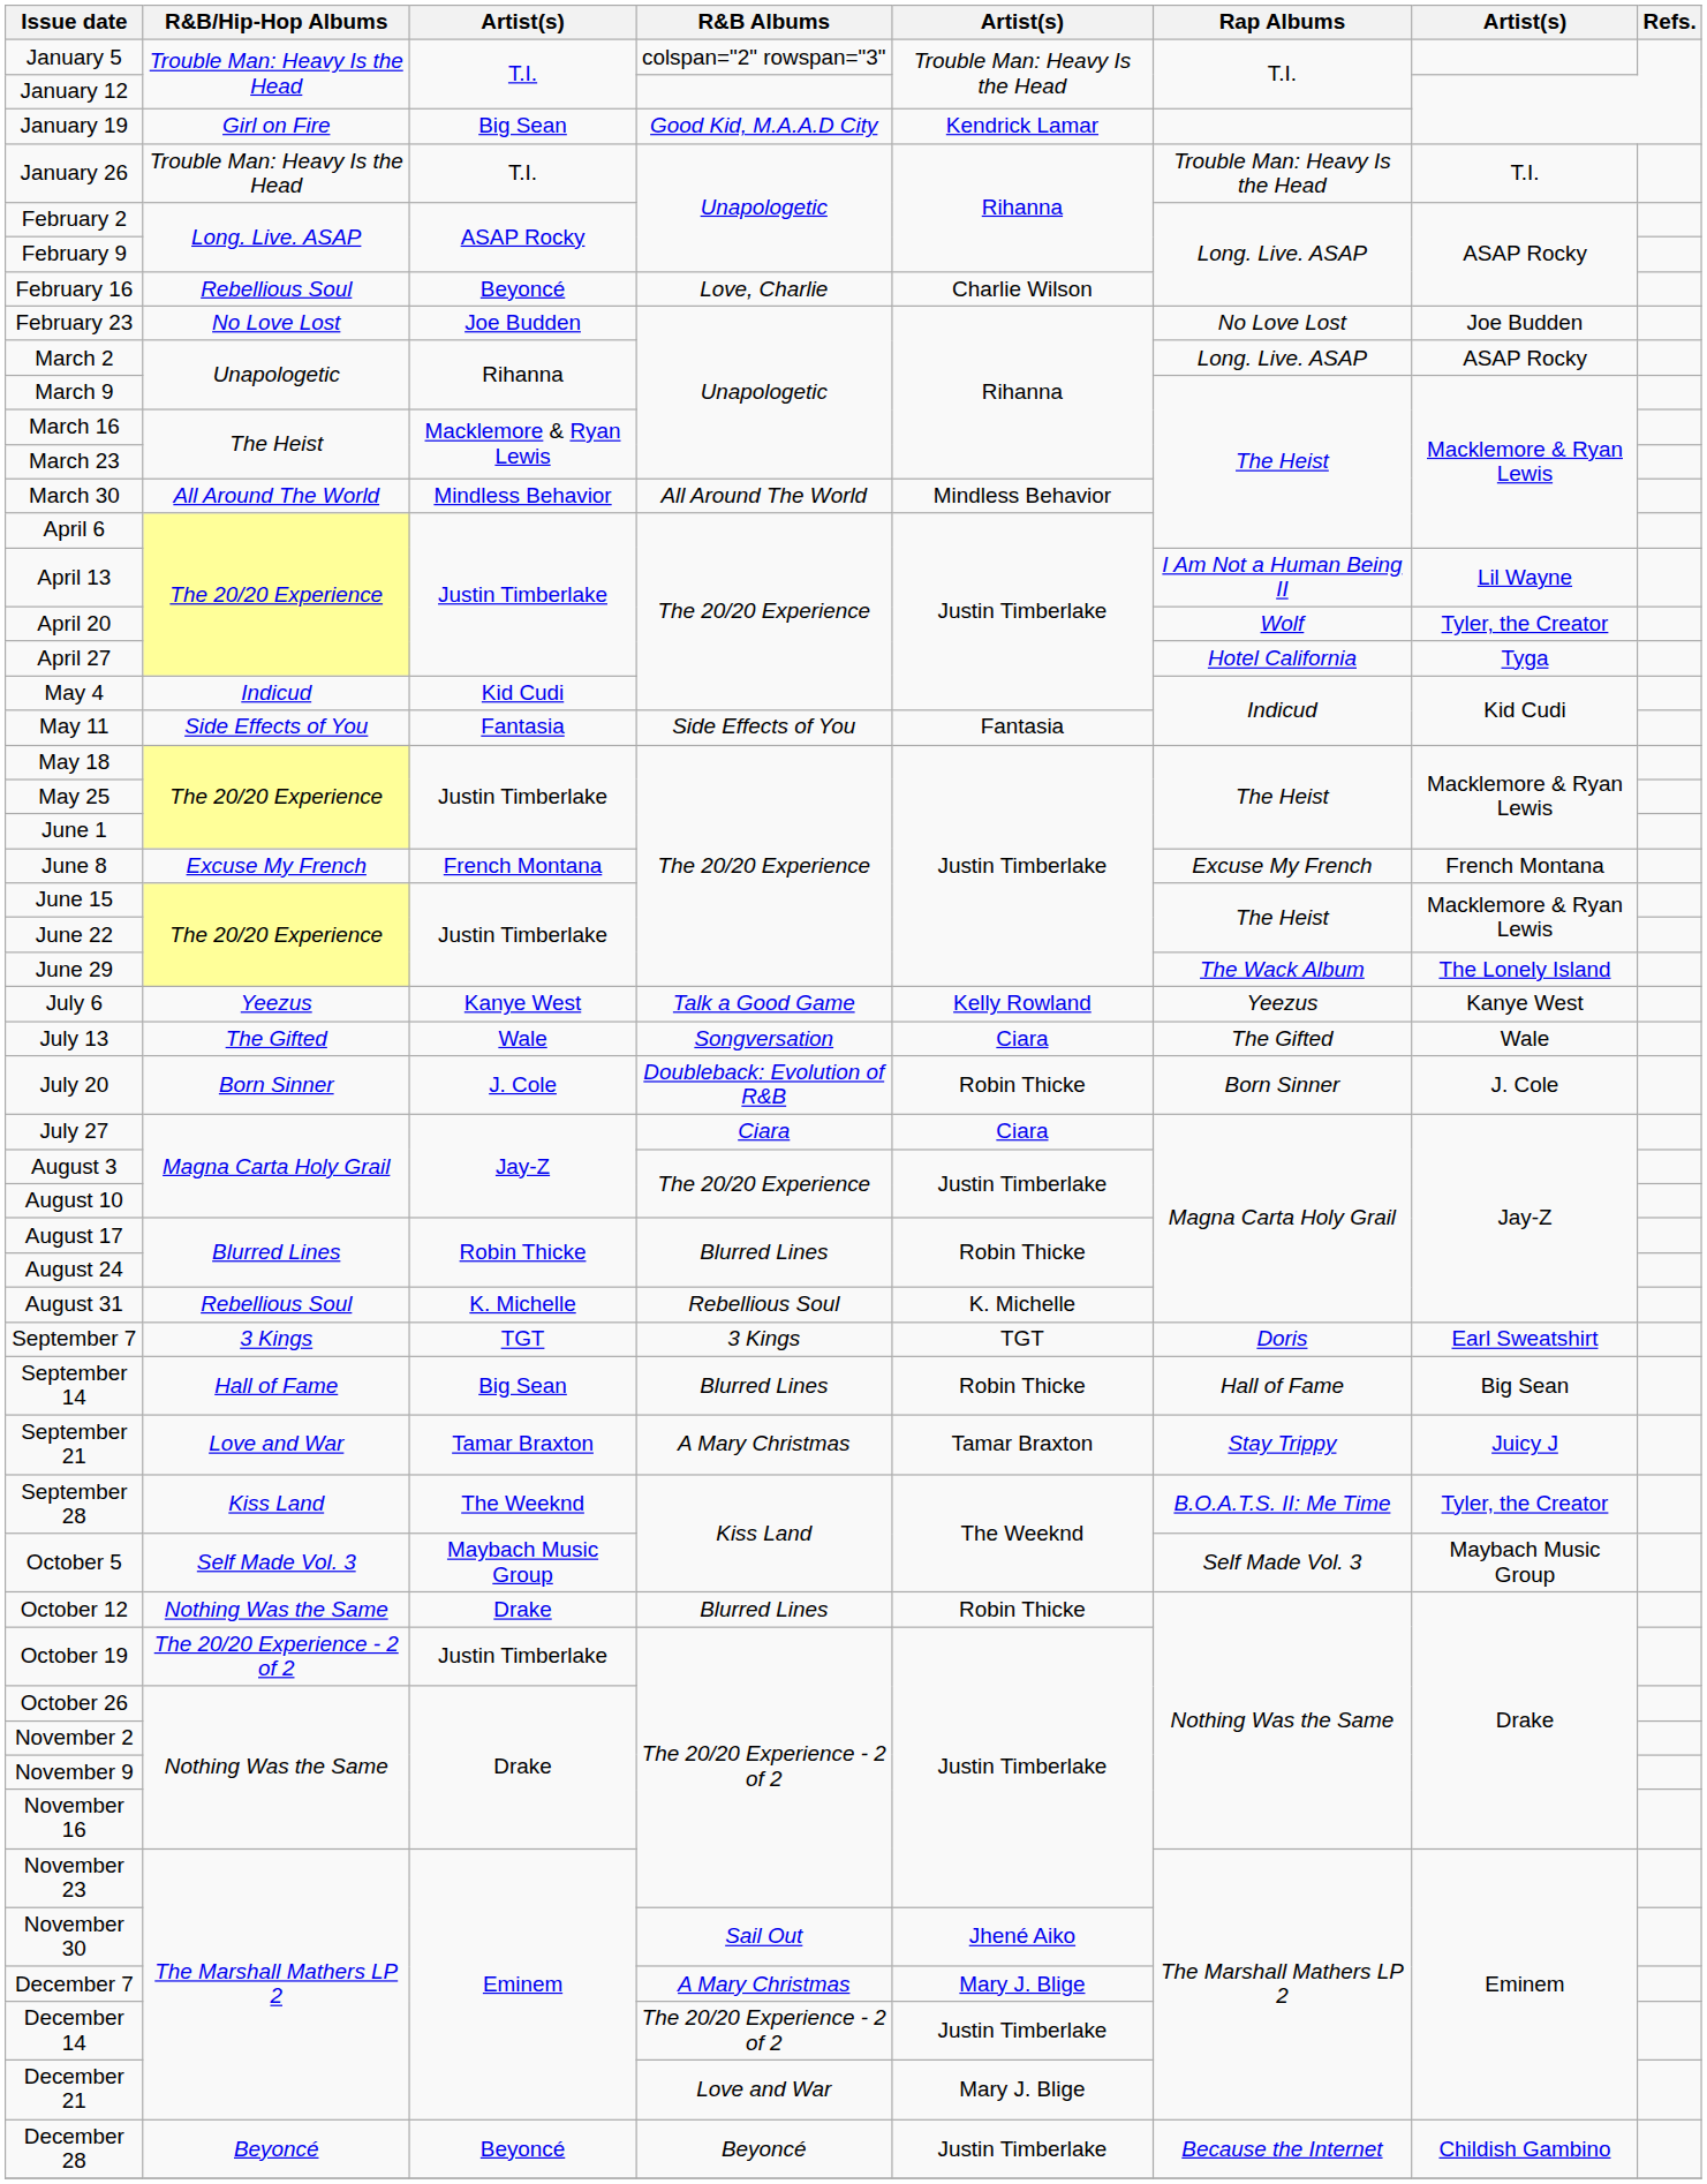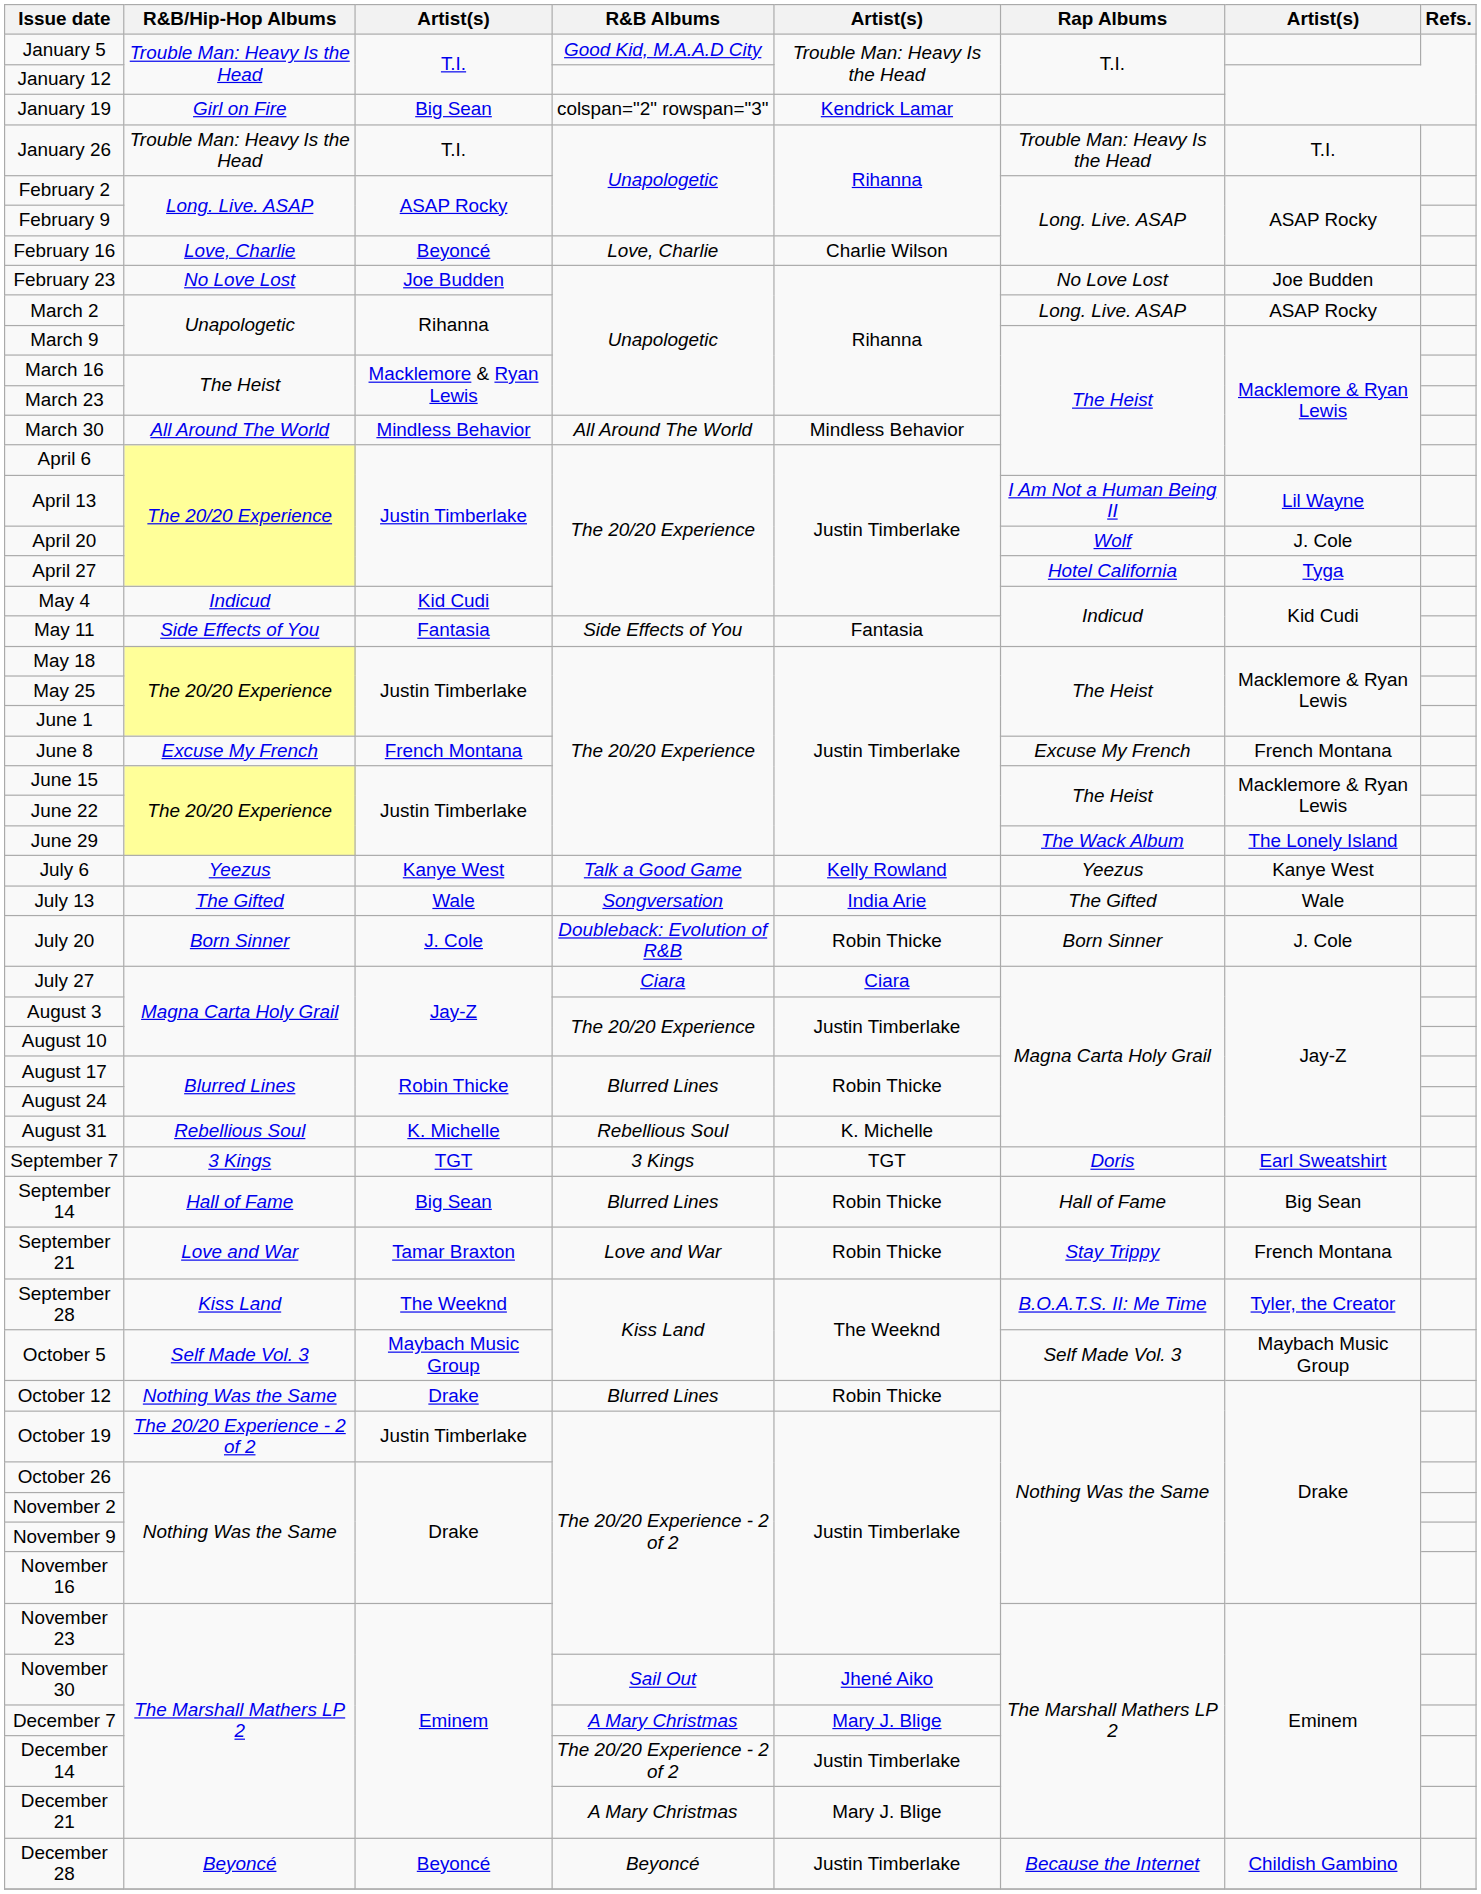 <table class="wikitable" style="text-align: center;">
 <tr>
 <th>Issue date</th>
 <th>R&B/Hip-Hop Albums</th>
 <th>Artist(s)</th>
 <th>R&B Albums</th>
 <th>Artist(s)</th>
 <th>Rap Albums</th>
 <th>Artist(s)</th>
 <th>Refs.</th>
 </tr>
 <tr>
 <td>January 5</td>
 <td rowspan="2"><em><a href='#'>Trouble Man: Heavy Is the Head</a></em></td>
 <td rowspan="2"><a href='#'>T.I.</a></td>
-<td>colspan="2" rowspan="3" </td>
+<td><em><a href='#'>Good Kid, M.A.A.D City</a></em></td>
 <td rowspan="2"><em>Trouble Man: Heavy Is the Head</em></td>
 <td rowspan="2">T.I.</td>
 <td></td>
 </tr>
 <tr>
 <td>January 12</td>
 <td></td>
 </tr>
 <tr>
 <td>January 19</td>
 <td><em><a href='#'>Girl on Fire</a></em></td>
 <td><a href='#'>Big Sean</a></td>
-<td><em><a href='#'>Good Kid, M.A.A.D City</a></em></td>
+<td>colspan="2" rowspan="3" </td>
 <td><a href='#'>Kendrick Lamar</a></td>
 <td></td>
 </tr>
 <tr>
 <td>January 26</td>
 <td><em>Trouble Man: Heavy Is the Head</em></td>
 <td>T.I.</td>
 <td rowspan="3"><em><a href='#'>Unapologetic</a></em></td>
 <td rowspan="3"><a href='#'>Rihanna</a></td>
 <td><em>Trouble Man: Heavy Is the Head</em></td>
 <td>T.I.</td>
 <td></td>
 </tr>
 <tr>
 <td>February 2</td>
 <td rowspan="2"><em><a href='#'>Long. Live. ASAP</a></em></td>
 <td rowspan="2"><a href='#'>ASAP Rocky</a></td>
 <td rowspan="3"><em>Long. Live. ASAP</em></td>
 <td rowspan="3">ASAP Rocky</td>
 <td></td>
 </tr>
 <tr>
 <td>February 9</td>
 <td></td>
 </tr>
 <tr>
 <td>February 16</td>
-<td><em><a href='#'>Rebellious Soul</a></em></td>
+<td><em><a href='#'>Love, Charlie</a></em></td>
 <td><a href='#'>Beyoncé</a></td>
 <td><em>Love, Charlie</em></td>
 <td>Charlie Wilson</td>
 <td></td>
 </tr>
 <tr>
 <td>February 23</td>
 <td><em><a href='#'>No Love Lost</a></em></td>
 <td><a href='#'>Joe Budden</a></td>
 <td rowspan="5"><em>Unapologetic</em></td>
 <td rowspan="5">Rihanna</td>
 <td><em>No Love Lost</em></td>
 <td>Joe Budden</td>
 <td></td>
 </tr>
 <tr>
 <td>March 2</td>
 <td rowspan="2"><em>Unapologetic</em></td>
 <td rowspan="2">Rihanna</td>
 <td><em>Long. Live. ASAP</em></td>
 <td>ASAP Rocky</td>
 <td></td>
 </tr>
 <tr>
 <td>March 9</td>
 <td rowspan="5"><a href='#'><em>The Heist</em></a></td>
 <td rowspan="5"><a href='#'>Macklemore & Ryan Lewis</a></td>
 <td></td>
 </tr>
 <tr>
 <td>March 16</td>
 <td rowspan="2"><em>The Heist</em></td>
 <td rowspan="2"><a href='#'>Macklemore</a> & <a href='#'>Ryan Lewis</a></td>
 <td></td>
 </tr>
 <tr>
 <td>March 23</td>
 <td></td>
 </tr>
 <tr>
 <td>March 30</td>
 <td><em><a href='#'>All Around The World</a></em></td>
 <td><a href='#'>Mindless Behavior</a></td>
 <td><em>All Around The World</em></td>
 <td>Mindless Behavior</td>
 <td></td>
 </tr>
 <tr>
 <td>April 6</td>
 <td bgcolor=#FFFF99 rowspan="4"><em><a href='#'>The 20/20 Experience</a></em> </td>
 <td rowspan="4"><a href='#'>Justin Timberlake</a></td>
 <td rowspan="5"><em>The 20/20 Experience</em></td>
 <td rowspan="5">Justin Timberlake</td>
 <td></td>
 </tr>
 <tr>
 <td>April 13</td>
 <td><em><a href='#'>I Am Not a Human Being II</a></em></td>
 <td><a href='#'>Lil Wayne</a></td>
 <td></td>
 </tr>
 <tr>
 <td>April 20</td>
 <td><a href='#'><em>Wolf</em></a></td>
-<td><a href='#'>Tyler, the Creator</a></td>
+<td>J. Cole</td>
 <td></td>
 </tr>
 <tr>
 <td>April 27</td>
 <td><a href='#'><em>Hotel California</em></a></td>
 <td><a href='#'>Tyga</a></td>
 <td></td>
 </tr>
 <tr>
 <td>May 4</td>
 <td><em><a href='#'>Indicud</a></em></td>
 <td><a href='#'>Kid Cudi</a></td>
 <td rowspan="2"><em>Indicud</em></td>
 <td rowspan="2">Kid Cudi</td>
 <td></td>
 </tr>
 <tr>
 <td>May 11</td>
 <td><em><a href='#'>Side Effects of You</a></em></td>
 <td><a href='#'>Fantasia</a></td>
 <td><em>Side Effects of You</em></td>
 <td>Fantasia</td>
 <td></td>
 </tr>
 <tr>
 <td>May 18</td>
 <td bgcolor=#FFFF99 rowspan="3"><em>The 20/20 Experience</em> </td>
 <td rowspan="3">Justin Timberlake</td>
 <td rowspan="7"><em>The 20/20 Experience</em></td>
 <td rowspan="7">Justin Timberlake</td>
 <td rowspan="3"><em>The Heist</em></td>
 <td rowspan="3">Macklemore & Ryan Lewis</td>
 <td></td>
 </tr>
 <tr>
 <td>May 25</td>
 <td></td>
 </tr>
 <tr>
 <td>June 1</td>
 <td></td>
 </tr>
 <tr>
 <td>June 8</td>
 <td><em><a href='#'>Excuse My French</a></em></td>
 <td><a href='#'>French Montana</a></td>
 <td><em>Excuse My French</em></td>
 <td>French Montana</td>
 <td></td>
 </tr>
 <tr>
 <td>June 15</td>
 <td bgcolor=#FFFF99 rowspan="3"><em>The 20/20 Experience</em> </td>
 <td rowspan="3">Justin Timberlake</td>
 <td rowspan="2"><em>The Heist</em></td>
 <td rowspan="2">Macklemore & Ryan Lewis</td>
 <td></td>
 </tr>
 <tr>
 <td>June 22</td>
 <td></td>
 </tr>
 <tr>
 <td>June 29</td>
 <td><em><a href='#'>The Wack Album</a></em></td>
 <td><a href='#'>The Lonely Island</a></td>
 <td></td>
 </tr>
 <tr>
 <td>July 6</td>
 <td><em><a href='#'>Yeezus</a></em></td>
 <td><a href='#'>Kanye West</a></td>
 <td><em><a href='#'>Talk a Good Game</a></em></td>
 <td><a href='#'>Kelly Rowland</a></td>
 <td><em>Yeezus</em></td>
 <td>Kanye West</td>
 <td></td>
 </tr>
 <tr>
 <td>July 13</td>
 <td><em><a href='#'>The Gifted</a></em></td>
 <td><a href='#'>Wale</a></td>
 <td><em><a href='#'>Songversation</a></em></td>
-<td><a href='#'>Ciara</a></td>
+<td><a href='#'>India Arie</a></td>
 <td><em>The Gifted</em></td>
 <td>Wale</td>
 <td></td>
 </tr>
 <tr>
 <td>July 20</td>
 <td><em><a href='#'>Born Sinner</a></em></td>
 <td><a href='#'>J. Cole</a></td>
 <td><em><a href='#'>Doubleback: Evolution of R&B</a></em></td>
 <td>Robin Thicke</td>
 <td><em>Born Sinner</em></td>
 <td>J. Cole</td>
 <td></td>
 </tr>
 <tr>
 <td>July 27</td>
 <td rowspan="3"><em><a href='#'>Magna Carta Holy Grail</a></em></td>
 <td rowspan="3"><a href='#'>Jay-Z</a></td>
 <td><a href='#'><em>Ciara</em></a></td>
 <td><a href='#'>Ciara</a></td>
 <td rowspan="6"><em>Magna Carta Holy Grail</em></td>
 <td rowspan="6">Jay-Z</td>
 <td></td>
 </tr>
 <tr>
 <td>August 3</td>
 <td rowspan="2"><em>The 20/20 Experience</em></td>
 <td rowspan="2">Justin Timberlake</td>
 <td></td>
 </tr>
 <tr>
 <td>August 10</td>
 <td></td>
 </tr>
 <tr>
 <td>August 17</td>
 <td rowspan="2"><em><a href='#'>Blurred Lines</a></em></td>
 <td rowspan="2"><a href='#'>Robin Thicke</a></td>
 <td rowspan="2"><em>Blurred Lines</em></td>
 <td rowspan="2">Robin Thicke</td>
 <td></td>
 </tr>
 <tr>
 <td>August 24</td>
 <td></td>
 </tr>
 <tr>
 <td>August 31</td>
 <td><em><a href='#'>Rebellious Soul</a></em></td>
 <td><a href='#'>K. Michelle</a></td>
 <td><em>Rebellious Soul</em></td>
 <td>K. Michelle</td>
 <td></td>
 </tr>
 <tr>
 <td>September 7</td>
 <td><em><a href='#'>3 Kings</a></em></td>
 <td><a href='#'>TGT</a></td>
 <td><em>3 Kings</em></td>
 <td>TGT</td>
 <td><a href='#'><em>Doris</em></a></td>
 <td><a href='#'>Earl Sweatshirt</a></td>
 <td></td>
 </tr>
 <tr>
 <td>September 14</td>
 <td><em><a href='#'>Hall of Fame</a></em></td>
 <td><a href='#'>Big Sean</a></td>
 <td><em>Blurred Lines</em></td>
 <td>Robin Thicke</td>
 <td><em>Hall of Fame</em></td>
 <td>Big Sean</td>
 <td></td>
 </tr>
 <tr>
 <td>September 21</td>
 <td><em><a href='#'>Love and War</a></em></td>
 <td><a href='#'>Tamar Braxton</a></td>
-<td><em>A Mary Christmas</em></td>
-<td>Tamar Braxton</td>
+<td><em>Love and War</em></td>
+<td>Robin Thicke</td>
 <td><em><a href='#'>Stay Trippy</a></em></td>
-<td><a href='#'>Juicy J</a></td>
+<td>French Montana</td>
 <td></td>
 </tr>
 <tr>
 <td>September 28</td>
 <td><em><a href='#'>Kiss Land</a></em></td>
 <td><a href='#'>The Weeknd</a></td>
 <td rowspan="2"><em>Kiss Land</em></td>
 <td rowspan="2">The Weeknd</td>
 <td><em><a href='#'>B.O.A.T.S. II: Me Time</a></em></td>
 <td><a href='#'>Tyler, the Creator</a></td>
 <td></td>
 </tr>
 <tr>
 <td>October 5</td>
 <td><em><a href='#'>Self Made Vol. 3</a></em></td>
 <td><a href='#'>Maybach Music Group</a></td>
 <td><em>Self Made Vol. 3</em></td>
 <td>Maybach Music Group</td>
 <td></td>
 </tr>
 <tr>
 <td>October 12</td>
 <td><em><a href='#'>Nothing Was the Same</a></em></td>
 <td><a href='#'>Drake</a></td>
 <td><em>Blurred Lines</em></td>
 <td>Robin Thicke</td>
 <td rowspan="6"><em>Nothing Was the Same</em></td>
 <td rowspan="6">Drake</td>
 <td></td>
 </tr>
 <tr>
 <td>October 19</td>
 <td><em><a href='#'>The 20/20 Experience - 2 of 2</a></em></td>
 <td>Justin Timberlake</td>
 <td rowspan="6"><em>The 20/20 Experience - 2 of 2</em></td>
 <td rowspan="6">Justin Timberlake</td>
 <td></td>
 </tr>
 <tr>
 <td>October 26</td>
 <td rowspan="4"><em>Nothing Was the Same</em></td>
 <td rowspan="4">Drake</td>
 <td></td>
 </tr>
 <tr>
 <td>November 2</td>
 <td></td>
 </tr>
 <tr>
 <td>November 9</td>
 <td></td>
 </tr>
 <tr>
 <td>November 16</td>
 <td></td>
 </tr>
 <tr>
 <td>November 23</td>
 <td rowspan="5"><em><a href='#'>The Marshall Mathers LP 2</a></em></td>
 <td rowspan="5"><a href='#'>Eminem</a></td>
 <td rowspan="5"><em>The Marshall Mathers LP 2</em></td>
 <td rowspan="5">Eminem</td>
 <td></td>
 </tr>
 <tr>
 <td>November 30</td>
 <td><em><a href='#'>Sail Out</a></em></td>
 <td><a href='#'>Jhené Aiko</a></td>
 <td></td>
 </tr>
 <tr>
 <td>December 7</td>
 <td><em><a href='#'>A Mary Christmas</a></em></td>
 <td><a href='#'>Mary J. Blige</a></td>
 <td></td>
 </tr>
 <tr>
 <td>December 14</td>
 <td><em>The 20/20 Experience - 2 of 2</em></td>
 <td>Justin Timberlake</td>
 <td></td>
 </tr>
 <tr>
 <td>December 21</td>
-<td><em>Love and War</em></td>
+<td><em>A Mary Christmas</em></td>
 <td>Mary J. Blige</td>
 <td></td>
 </tr>
 <tr>
 <td>December 28</td>
 <td><em><a href='#'>Beyoncé</a></em></td>
 <td><a href='#'>Beyoncé</a></td>
 <td><em>Beyoncé</em></td>
 <td>Justin Timberlake</td>
 <td><em><a href='#'>Because the Internet</a></em></td>
 <td><a href='#'>Childish Gambino</a></td>
 <td></td>
 </tr>
 <tr>
 </tr>
 </table>
